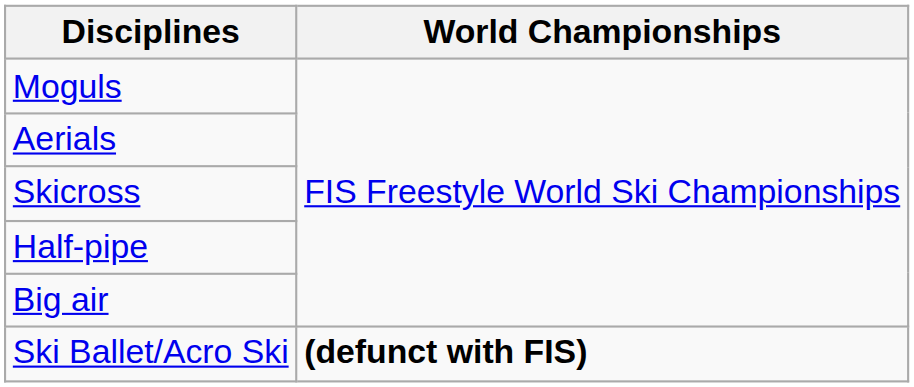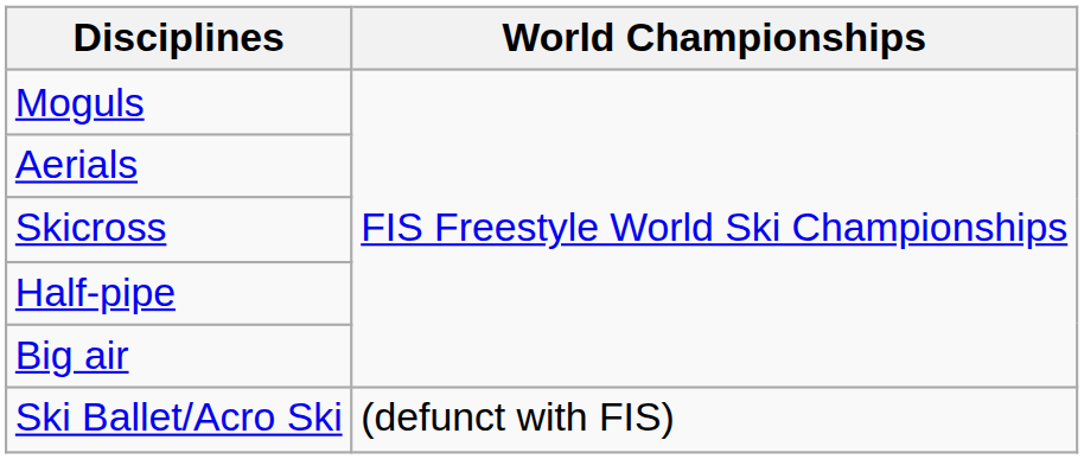 <table class="wikitable" style="display:inline-table;">
 <tr>
 <th>Disciplines</th>
 <th>World Championships</th>
 </tr>
 <tr>
 <td><a href='#'>Moguls</a></td>
 <td rowspan="5"><a href='#'>FIS Freestyle World Ski Championships</a></td>
 </tr>
 <tr>
 <td><a href='#'>Aerials</a></td>
 </tr>
 <tr>
 <td><a href='#'>Skicross</a></td>
 </tr>
 <tr>
 <td><a href='#'>Half-pipe</a></td>
 </tr>
 <tr>
 <td><a href='#'>Big air</a></td>
 </tr>
 <tr>
 <td><a href='#'>Ski Ballet/Acro Ski</a></td>
-<td><strong>(defunct with FIS)</strong></td>
+<td>(defunct with FIS)</td>
 </tr>
 </table>
